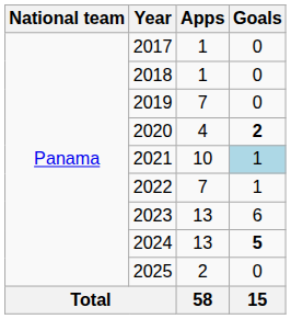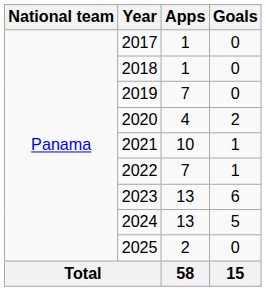 <table class="wikitable" style="text-align:center">
 <tr>
 <th>National team</th>
 <th>Year</th>
 <th>Apps</th>
 <th>Goals</th>
 </tr>
 <tr>
 <td rowspan="9"><a href='#'>Panama</a></td>
 <td>2017</td>
 <td>1</td>
 <td>0</td>
 </tr>
 <tr>
 <td>2018</td>
 <td>1</td>
 <td>0</td>
 </tr>
 <tr>
 <td>2019</td>
 <td>7</td>
 <td>0</td>
 </tr>
 <tr>
 <td>2020</td>
 <td>4</td>
-<td><strong>2</strong></td>
+<td>2</td>
 </tr>
 <tr>
 <td>2021</td>
 <td>10</td>
-<td style="background: lightblue;">1</td>
+<td>1</td>
 </tr>
 <tr>
 <td>2022</td>
 <td>7</td>
 <td>1</td>
 </tr>
 <tr>
 <td>2023</td>
 <td>13</td>
 <td>6</td>
 </tr>
 <tr>
 <td>2024</td>
 <td>13</td>
-<td><strong>5</strong></td>
+<td>5</td>
 </tr>
 <tr>
 <td>2025</td>
 <td>2</td>
 <td>0</td>
 </tr>
 <tr>
 <th colspan="2">Total</th>
 <th>58</th>
 <th>15</th>
 </tr>
 </table>
